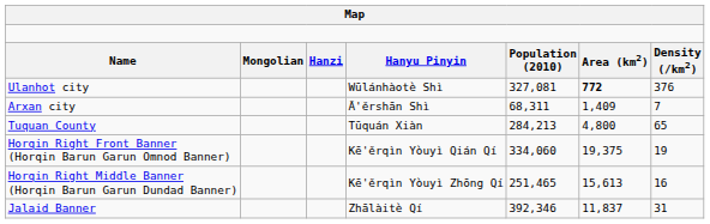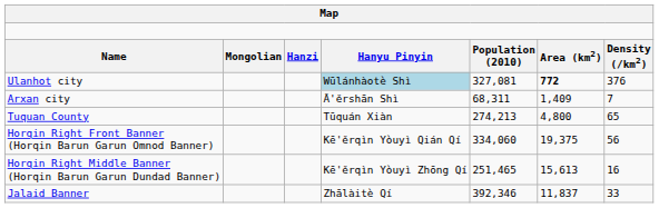 <table class="wikitable"  style="font-size:90%;" align=center>
 <tr>
 <th colspan="8" align="center">Map</th>
 </tr>
 <tr>
 <td colspan="8" align="center"><div><br>         </div></td>
 </tr>
 <tr>
 <th>Name</th>
 <th>Mongolian</th>
 <th><a href='#'>Hanzi</a></th>
 <th><a href='#'>Hanyu Pinyin</a></th>
 <th>Population<br>(2010)</th>
 <th>Area (km<sup>2</sup>)</th>
 <th>Density<br>(/km<sup>2</sup>)</th>
 </tr>
 <tr>
 <td><a href='#'>Ulanhot</a> city</td>
 <td><br></td>
 <td></td>
-<td>Wūlánhàotè Shì</td>
+<td style="background: lightblue;">Wūlánhàotè Shì</td>
 <td>327,081</td>
 <td><strong>772</strong></td>
 <td>376</td>
 </tr>
 <tr>
 <td><a href='#'>Arxan</a> city</td>
 <td><br></td>
 <td></td>
 <td>Ā'ěrshān Shì</td>
 <td>68,311</td>
 <td>1,409</td>
 <td>7</td>
 </tr>
 <tr>
 <td><a href='#'>Tuquan County</a></td>
 <td><br></td>
 <td></td>
 <td>Tūquán Xiàn</td>
-<td>284,213</td>
+<td>274,213</td>
 <td>4,800</td>
 <td>65</td>
 </tr>
 <tr>
 <td><a href='#'>Horqin Right Front Banner</a><br>(Horqin Barun Garun Omnod Banner)</td>
 <td><br></td>
 <td></td>
 <td>Kē'ěrqìn Yòuyì Qián Qí</td>
 <td>334,060</td>
 <td>19,375</td>
-<td>19</td>
+<td>56</td>
 </tr>
 <tr>
 <td><a href='#'>Horqin Right Middle Banner</a><br>(Horqin Barun Garun Dundad Banner)</td>
 <td><br></td>
 <td></td>
 <td>Kē'ěrqìn Yòuyì Zhōng Qí</td>
 <td>251,465</td>
 <td>15,613</td>
 <td>16</td>
 </tr>
 <tr>
 <td><a href='#'>Jalaid Banner</a></td>
 <td><br></td>
 <td></td>
 <td>Zhālàitè Qí</td>
 <td>392,346</td>
 <td>11,837</td>
-<td>31</td>
+<td>33</td>
 </tr>
 </table>
